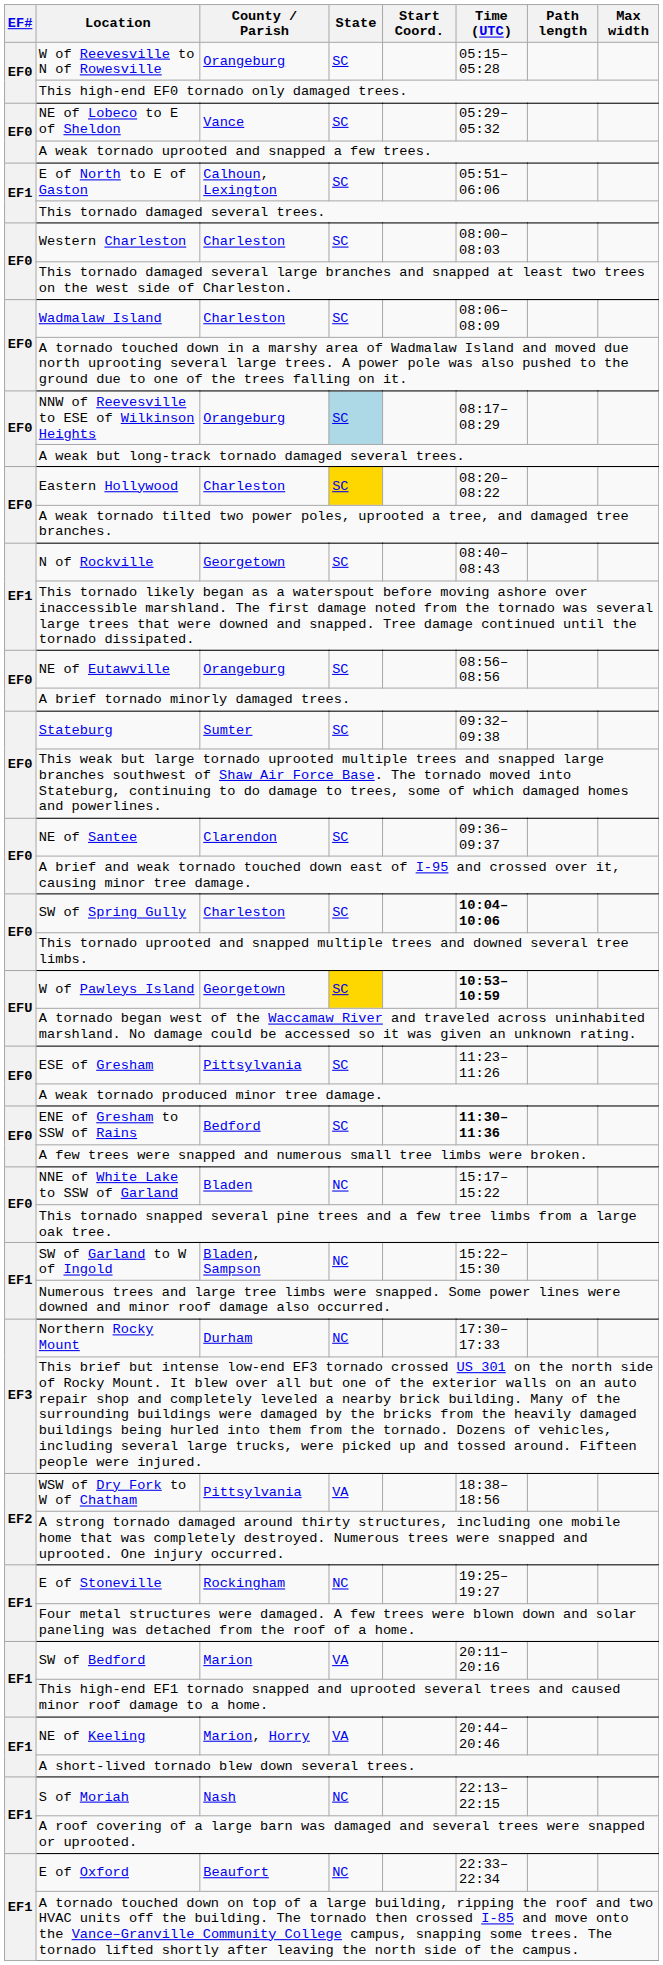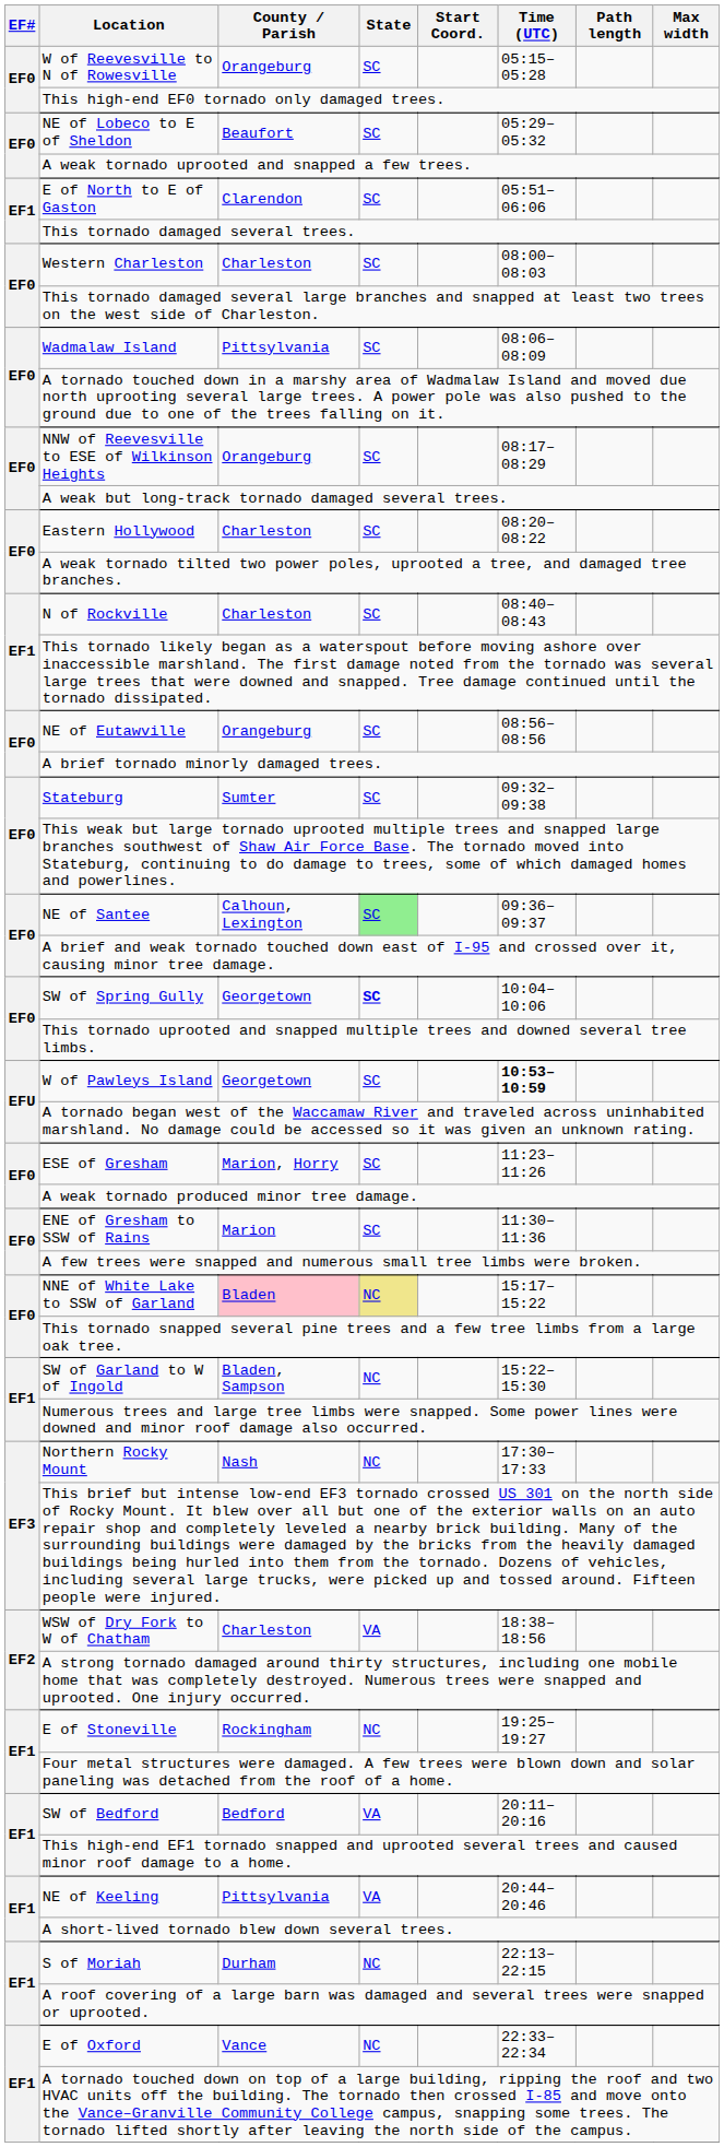 <table class="wikitable sortable" style="width:100%;">
 <tr>
 <th scope="col" width="2%" align="center"><a href='#'>EF#</a></th>
 <th scope="col" align="center" class="unsortable">Location</th>
 <th scope="col" align="center" class="unsortable">County / Parish</th>
 <th scope="col" align="center">State</th>
 <th scope="col" align="center">Start Coord.</th>
 <th scope="col" align="center">Time (<a href='#'>UTC</a>)</th>
 <th scope="col" align="center">Path length</th>
 <th scope="col" align="center">Max width</th>
 </tr>
 <tr>
 <th scope="row" rowspan="2" style="background-color:#">EF0</th>
 <td>W of <a href='#'>Reevesville</a> to N of <a href='#'>Rowesville</a></td>
 <td><a href='#'>Orangeburg</a></td>
 <td><a href='#'>SC</a></td>
 <td></td>
 <td>05:15–05:28</td>
 <td></td>
 <td></td>
 </tr>
 <tr class="expand-child">
 <td colspan="8" style=" border-bottom: 1px solid black;">This high-end EF0 tornado only damaged trees.</td>
 </tr>
 <tr>
 <th scope="row" rowspan="2" style="background-color:#">EF0</th>
 <td>NE of <a href='#'>Lobeco</a> to E of <a href='#'>Sheldon</a></td>
-<td><a href='#'>Vance</a></td>
+<td><a href='#'>Beaufort</a></td>
 <td><a href='#'>SC</a></td>
 <td></td>
 <td>05:29–05:32</td>
 <td></td>
 <td></td>
 </tr>
 <tr class="expand-child">
 <td colspan="8" style=" border-bottom: 1px solid black;">A weak tornado uprooted and snapped a few trees.</td>
 </tr>
 <tr>
 <th scope="row" rowspan="2" style="background-color:#">EF1</th>
 <td>E of <a href='#'>North</a> to E of <a href='#'>Gaston</a></td>
-<td><a href='#'>Calhoun</a>, <a href='#'>Lexington</a></td>
+<td><a href='#'>Clarendon</a></td>
 <td><a href='#'>SC</a></td>
 <td></td>
 <td>05:51–06:06</td>
 <td></td>
 <td></td>
 </tr>
 <tr class="expand-child">
 <td colspan="8" style=" border-bottom: 1px solid black;">This tornado damaged several trees.</td>
 </tr>
 <tr>
 <th scope="row" rowspan="2" style="background-color:#">EF0</th>
 <td>Western <a href='#'>Charleston</a></td>
 <td><a href='#'>Charleston</a></td>
 <td><a href='#'>SC</a></td>
 <td></td>
 <td>08:00–08:03</td>
 <td></td>
 <td></td>
 </tr>
 <tr class="expand-child">
 <td colspan="8" style=" border-bottom: 1px solid black;">This tornado damaged several large branches and snapped at least two trees on the west side of Charleston.</td>
 </tr>
 <tr>
 <th scope="row" rowspan="2" style="background-color:#">EF0</th>
 <td><a href='#'>Wadmalaw Island</a></td>
-<td><a href='#'>Charleston</a></td>
+<td><a href='#'>Pittsylvania</a></td>
 <td><a href='#'>SC</a></td>
 <td></td>
 <td>08:06–08:09</td>
 <td></td>
 <td></td>
 </tr>
 <tr class="expand-child">
 <td colspan="8" style=" border-bottom: 1px solid black;">A tornado touched down in a marshy area of Wadmalaw Island and moved due north uprooting several large trees. A power pole was also pushed to the ground due to one of the trees falling on it.</td>
 </tr>
 <tr>
 <th scope="row" rowspan="2" style="background-color:#">EF0</th>
 <td>NNW of <a href='#'>Reevesville</a> to ESE of <a href='#'>Wilkinson Heights</a></td>
 <td><a href='#'>Orangeburg</a></td>
-<td style="background: lightblue;"><a href='#'>SC</a></td>
+<td><a href='#'>SC</a></td>
 <td></td>
 <td>08:17–08:29</td>
 <td></td>
 <td></td>
 </tr>
 <tr class="expand-child">
 <td colspan="8" style=" border-bottom: 1px solid black;">A weak but long-track tornado damaged several trees.</td>
 </tr>
 <tr>
 <th scope="row" rowspan="2" style="background-color:#">EF0</th>
 <td>Eastern <a href='#'>Hollywood</a></td>
 <td><a href='#'>Charleston</a></td>
-<td style="background: gold;"><a href='#'>SC</a></td>
+<td><a href='#'>SC</a></td>
 <td></td>
 <td>08:20–08:22</td>
 <td></td>
 <td></td>
 </tr>
 <tr class="expand-child">
 <td colspan="8" style=" border-bottom: 1px solid black;">A weak tornado tilted two power poles, uprooted a tree, and damaged tree branches.</td>
 </tr>
 <tr>
 <th scope="row" rowspan="2" style="background-color:#">EF1</th>
 <td>N of <a href='#'>Rockville</a></td>
-<td><a href='#'>Georgetown</a></td>
+<td><a href='#'>Charleston</a></td>
 <td><a href='#'>SC</a></td>
 <td></td>
 <td>08:40–08:43</td>
 <td></td>
 <td></td>
 </tr>
 <tr class="expand-child">
 <td colspan="8" style=" border-bottom: 1px solid black;">This tornado likely began as a waterspout before moving ashore over inaccessible marshland. The first damage noted from the tornado was several large trees that were downed and snapped. Tree damage continued until the tornado dissipated.</td>
 </tr>
 <tr>
 <th scope="row" rowspan="2" style="background-color:#">EF0</th>
 <td>NE of <a href='#'>Eutawville</a></td>
 <td><a href='#'>Orangeburg</a></td>
 <td><a href='#'>SC</a></td>
 <td></td>
 <td>08:56–08:56</td>
 <td></td>
 <td></td>
 </tr>
 <tr class="expand-child">
 <td colspan="8" style=" border-bottom: 1px solid black;">A brief tornado minorly damaged trees.</td>
 </tr>
 <tr>
 <th scope="row" rowspan="2" style="background-color:#">EF0</th>
 <td><a href='#'>Stateburg</a></td>
 <td><a href='#'>Sumter</a></td>
 <td><a href='#'>SC</a></td>
 <td></td>
 <td>09:32–09:38</td>
 <td></td>
 <td></td>
 </tr>
 <tr class="expand-child">
 <td colspan="8" style=" border-bottom: 1px solid black;">This weak but large tornado uprooted multiple trees and snapped large branches southwest of <a href='#'>Shaw Air Force Base</a>. The tornado moved into Stateburg, continuing to do damage to trees, some of which damaged homes and powerlines.</td>
 </tr>
 <tr>
 <th scope="row" rowspan="2" style="background-color:#">EF0</th>
 <td>NE of <a href='#'>Santee</a></td>
-<td><a href='#'>Clarendon</a></td>
-<td><a href='#'>SC</a></td>
+<td><a href='#'>Calhoun</a>, <a href='#'>Lexington</a></td>
+<td style="background: lightgreen;"><a href='#'>SC</a></td>
 <td></td>
 <td>09:36–09:37</td>
 <td></td>
 <td></td>
 </tr>
 <tr class="expand-child">
 <td colspan="8" style=" border-bottom: 1px solid black;">A brief and weak tornado touched down east of <a href='#'>I-95</a> and crossed over it, causing minor tree damage.</td>
 </tr>
 <tr>
 <th scope="row" rowspan="2" style="background-color:#">EF0</th>
 <td>SW of <a href='#'>Spring Gully</a></td>
-<td><a href='#'>Charleston</a></td>
-<td><a href='#'>SC</a></td>
+<td><a href='#'>Georgetown</a></td>
+<td><strong><a href='#'>SC</a></strong></td>
 <td></td>
-<td><strong>10:04–10:06</strong></td>
+<td>10:04–10:06</td>
 <td></td>
 <td></td>
 </tr>
 <tr class="expand-child">
 <td colspan="8" style=" border-bottom: 1px solid black;">This tornado uprooted and snapped multiple trees and downed several tree limbs.</td>
 </tr>
 <tr>
 <th scope="row" rowspan="2" style="background-color:#">EFU</th>
 <td>W of <a href='#'>Pawleys Island</a></td>
 <td><a href='#'>Georgetown</a></td>
-<td style="background: gold;"><a href='#'>SC</a></td>
+<td><a href='#'>SC</a></td>
 <td></td>
 <td><strong>10:53–10:59</strong></td>
 <td></td>
 <td></td>
 </tr>
 <tr class="expand-child">
 <td colspan="8" style=" border-bottom: 1px solid black;">A tornado began west of the <a href='#'>Waccamaw River</a> and traveled across uninhabited marshland. No damage could be accessed so it was given an unknown rating.</td>
 </tr>
 <tr>
 <th scope="row" rowspan="2" style="background-color:#">EF0</th>
 <td>ESE of <a href='#'>Gresham</a></td>
-<td><a href='#'>Pittsylvania</a></td>
+<td><a href='#'>Marion</a>, <a href='#'>Horry</a></td>
 <td><a href='#'>SC</a></td>
 <td></td>
 <td>11:23–11:26</td>
 <td></td>
 <td></td>
 </tr>
 <tr class="expand-child">
 <td colspan="8" style=" border-bottom: 1px solid black;">A weak tornado produced minor tree damage.</td>
 </tr>
 <tr>
 <th scope="row" rowspan="2" style="background-color:#">EF0</th>
 <td>ENE of <a href='#'>Gresham</a> to SSW of <a href='#'>Rains</a></td>
-<td><a href='#'>Bedford</a></td>
+<td><a href='#'>Marion</a></td>
 <td><a href='#'>SC</a></td>
 <td></td>
-<td><strong>11:30–11:36</strong></td>
+<td>11:30–11:36</td>
 <td></td>
 <td></td>
 </tr>
 <tr class="expand-child">
 <td colspan="8" style=" border-bottom: 1px solid black;">A few trees were snapped and numerous small tree limbs were broken.</td>
 </tr>
 <tr>
 <th scope="row" rowspan="2" style="background-color:#">EF0</th>
 <td>NNE of <a href='#'>White Lake</a> to SSW of <a href='#'>Garland</a></td>
-<td><a href='#'>Bladen</a></td>
-<td><a href='#'>NC</a></td>
+<td style="background: pink;"><a href='#'>Bladen</a></td>
+<td style="background: khaki;"><a href='#'>NC</a></td>
 <td></td>
 <td>15:17–15:22</td>
 <td></td>
 <td></td>
 </tr>
 <tr class="expand-child">
 <td colspan="8" style=" border-bottom: 1px solid black;">This tornado snapped several pine trees and a few tree limbs from a large oak tree.</td>
 </tr>
 <tr>
 <th scope="row" rowspan="2" style="background-color:#">EF1</th>
 <td>SW of <a href='#'>Garland</a> to W of <a href='#'>Ingold</a></td>
 <td><a href='#'>Bladen</a>, <a href='#'>Sampson</a></td>
 <td><a href='#'>NC</a></td>
 <td></td>
 <td>15:22–15:30</td>
 <td></td>
 <td></td>
 </tr>
 <tr class="expand-child">
 <td colspan="8" style=" border-bottom: 1px solid black;">Numerous trees and large tree limbs were snapped. Some power lines were downed and minor roof damage also occurred.</td>
 </tr>
 <tr>
 <th scope="row" rowspan="2" style="background-color:#">EF3</th>
 <td>Northern <a href='#'>Rocky Mount</a></td>
-<td><a href='#'>Durham</a></td>
+<td><a href='#'>Nash</a></td>
 <td><a href='#'>NC</a></td>
 <td></td>
 <td>17:30–17:33</td>
 <td></td>
 <td></td>
 </tr>
 <tr class="expand-child">
 <td colspan="8" style=" border-bottom: 1px solid black;">This brief but intense low-end EF3 tornado crossed <a href='#'>US 301</a> on the north side of Rocky Mount. It blew over all but one of the exterior walls on an auto repair shop and completely leveled a nearby brick building. Many of the surrounding buildings were damaged by the bricks from the heavily damaged buildings being hurled into them from the tornado. Dozens of vehicles, including several large trucks, were picked up and tossed around. Fifteen people were injured.</td>
 </tr>
 <tr>
 <th scope="row" rowspan="2" style="background-color:#">EF2</th>
 <td>WSW of <a href='#'>Dry Fork</a> to W of <a href='#'>Chatham</a></td>
-<td><a href='#'>Pittsylvania</a></td>
+<td><a href='#'>Charleston</a></td>
 <td><a href='#'>VA</a></td>
 <td></td>
 <td>18:38–18:56</td>
 <td></td>
 <td></td>
 </tr>
 <tr class="expand-child">
 <td colspan="8" style=" border-bottom: 1px solid black;">A strong tornado damaged around thirty structures, including one mobile home that was completely destroyed. Numerous trees were snapped and uprooted. One injury occurred.</td>
 </tr>
 <tr>
 <th scope="row" rowspan="2" style="background-color:#">EF1</th>
 <td>E of <a href='#'>Stoneville</a></td>
 <td><a href='#'>Rockingham</a></td>
 <td><a href='#'>NC</a></td>
 <td></td>
 <td>19:25–19:27</td>
 <td></td>
 <td></td>
 </tr>
 <tr class="expand-child">
 <td colspan="8" style=" border-bottom: 1px solid black;">Four metal structures were damaged. A few trees were blown down and solar paneling was detached from the roof of a home.</td>
 </tr>
 <tr>
 <th scope="row" rowspan="2" style="background-color:#">EF1</th>
 <td>SW of <a href='#'>Bedford</a></td>
-<td><a href='#'>Marion</a></td>
+<td><a href='#'>Bedford</a></td>
 <td><a href='#'>VA</a></td>
 <td></td>
 <td>20:11–20:16</td>
 <td></td>
 <td></td>
 </tr>
 <tr class="expand-child">
 <td colspan="8" style=" border-bottom: 1px solid black;">This high-end EF1 tornado snapped and uprooted several trees and caused minor roof damage to a home.</td>
 </tr>
 <tr>
 <th scope="row" rowspan="2" style="background-color:#">EF1</th>
 <td>NE of <a href='#'>Keeling</a></td>
-<td><a href='#'>Marion</a>, <a href='#'>Horry</a></td>
+<td><a href='#'>Pittsylvania</a></td>
 <td><a href='#'>VA</a></td>
 <td></td>
 <td>20:44–20:46</td>
 <td></td>
 <td></td>
 </tr>
 <tr class="expand-child">
 <td colspan="8" style=" border-bottom: 1px solid black;">A short-lived tornado blew down several trees.</td>
 </tr>
 <tr>
 <th scope="row" rowspan="2" style="background-color:#">EF1</th>
 <td>S of <a href='#'>Moriah</a></td>
-<td><a href='#'>Nash</a></td>
+<td><a href='#'>Durham</a></td>
 <td><a href='#'>NC</a></td>
 <td></td>
 <td>22:13–22:15</td>
 <td></td>
 <td></td>
 </tr>
 <tr class="expand-child">
 <td colspan="8" style=" border-bottom: 1px solid black;">A roof covering of a large barn was damaged and several trees were snapped or uprooted.</td>
 </tr>
 <tr>
 <th scope="row" rowspan="2" style="background-color:#">EF1</th>
 <td>E of <a href='#'>Oxford</a></td>
-<td><a href='#'>Beaufort</a></td>
+<td><a href='#'>Vance</a></td>
 <td><a href='#'>NC</a></td>
 <td></td>
 <td>22:33–22:34</td>
 <td></td>
 <td></td>
 </tr>
 <tr class="expand-child">
 <td colspan="8" style=" border-bottom: 1px solid black;">A tornado touched down on top of a large building, ripping the roof and two HVAC units off the building. The tornado then crossed <a href='#'>I-85</a> and move onto the <a href='#'>Vance–Granville Community College</a> campus, snapping some trees. The tornado lifted shortly after leaving the north side of the campus.</td>
 </tr>
 <tr>
 </tr>
 </table>
